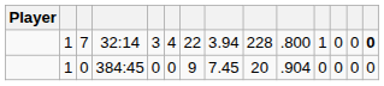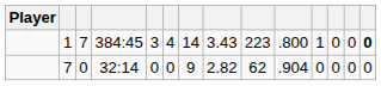 <table class="wikitable sortable" style="text-align:center;">
 <tr>
 <th>Player</th>
 <th></th>
 <th></th>
 <th></th>
 <th></th>
 <th></th>
 <th></th>
 <th></th>
 <th></th>
 <th></th>
 <th></th>
 <th></th>
 <th></th>
 <th></th>
 </tr>
 <tr>
 <td></td>
 <td>1</td>
 <td>7</td>
-<td>32:14</td>
+<td>384:45</td>
 <td>3</td>
 <td>4</td>
-<td>22</td>
-<td>3.94</td>
-<td>228</td>
+<td>14</td>
+<td>3.43</td>
+<td>223</td>
 <td>.800</td>
 <td>1</td>
 <td>0</td>
 <td>0</td>
 <td><strong>0</strong></td>
 </tr>
 <tr>
 <td></td>
-<td>1</td>
+<td>7</td>
 <td>0</td>
-<td>384:45</td>
+<td>32:14</td>
 <td>0</td>
 <td>0</td>
 <td>9</td>
-<td>7.45</td>
-<td>20</td>
+<td>2.82</td>
+<td>62</td>
 <td>.904</td>
 <td>0</td>
 <td>0</td>
 <td>0</td>
 <td>0</td>
 </tr>
 </table>
